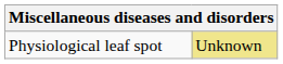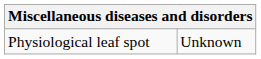 <table class="wikitable">
 <tr>
 <th colspan=2><strong>Miscellaneous diseases and disorders</strong><br></th>
 </tr>
 <tr>
 <td>Physiological leaf spot</td>
-<td style="background: khaki;">Unknown</td>
+<td>Unknown</td>
 </tr>
 </table>
